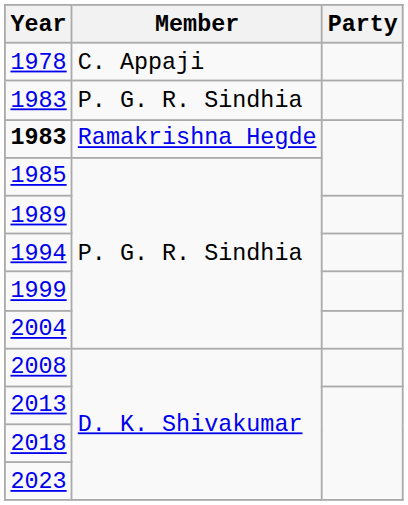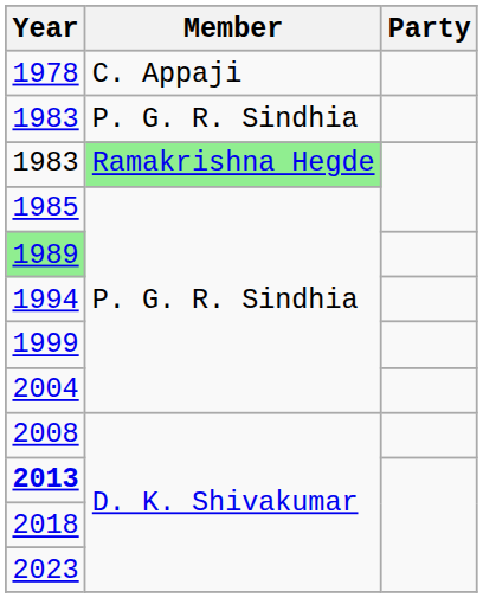 <table class="wikitable sortable">
 <tr>
 <th>Year</th>
 <th>Member</th>
 <th colspan="2">Party</th>
 </tr>
 <tr>
 <td><a href='#'>1978</a></td>
 <td>C. Appaji</td>
 <td></td>
 </tr>
 <tr>
 <td><a href='#'>1983</a></td>
 <td>P. G. R. Sindhia</td>
 <td></td>
 </tr>
 <tr>
-<td><strong>1983</strong></td>
-<td><a href='#'>Ramakrishna Hegde</a></td>
+<td>1983</td>
+<td style="background: lightgreen;"><a href='#'>Ramakrishna Hegde</a></td>
 </tr>
 <tr>
 <td><a href='#'>1985</a></td>
 <td rowspan=5>P. G. R. Sindhia</td>
 </tr>
 <tr>
-<td><a href='#'>1989</a></td>
+<td style="background: lightgreen;"><a href='#'>1989</a></td>
 <td></td>
 </tr>
 <tr>
 <td><a href='#'>1994</a></td>
 </tr>
 <tr>
 <td><a href='#'>1999</a></td>
 <td></td>
 </tr>
 <tr>
 <td><a href='#'>2004</a></td>
 <td></td>
 </tr>
 <tr>
 <td><a href='#'>2008</a></td>
 <td rowspan=4><a href='#'>D. K. Shivakumar</a></td>
 <td></td>
 </tr>
 <tr>
-<td><a href='#'>2013</a></td>
+<td><strong><a href='#'>2013</a></strong></td>
 </tr>
 <tr>
 <td><a href='#'>2018</a></td>
 </tr>
 <tr>
 <td><a href='#'>2023</a></td>
 </tr>
 </table>
